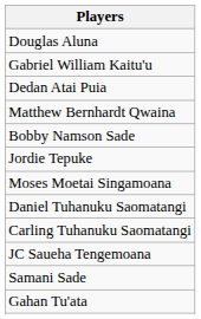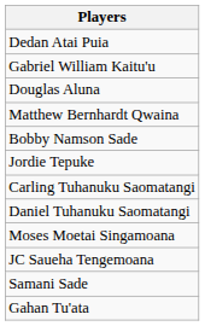 <table class="wikitable">
 <tr>
 <th>Players</th>
 </tr>
 <tr>
-<td>Douglas Aluna</td>
+<td>Dedan Atai Puia</td>
 </tr>
 <tr>
 <td>Gabriel William Kaitu'u</td>
 </tr>
 <tr>
-<td>Dedan Atai Puia</td>
+<td>Douglas Aluna</td>
 </tr>
 <tr>
 <td>Matthew Bernhardt Qwaina</td>
 </tr>
 <tr>
 <td>Bobby Namson Sade</td>
 </tr>
 <tr>
 <td>Jordie Tepuke</td>
 </tr>
 <tr>
-<td>Moses Moetai Singamoana</td>
+<td>Carling Tuhanuku Saomatangi</td>
 </tr>
 <tr>
 <td>Daniel Tuhanuku Saomatangi</td>
 </tr>
 <tr>
-<td>Carling Tuhanuku Saomatangi</td>
+<td>Moses Moetai Singamoana</td>
 </tr>
 <tr>
 <td>JC Saueha Tengemoana</td>
 </tr>
 <tr>
 <td>Samani Sade</td>
 </tr>
 <tr>
 <td>Gahan Tu'ata</td>
 </tr>
 </table>
